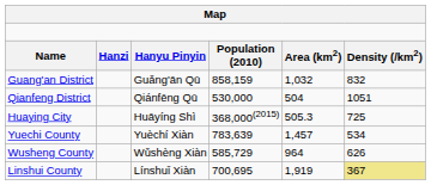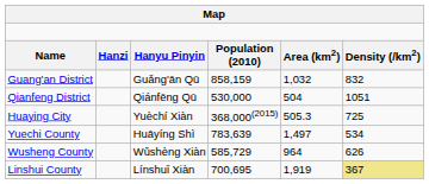 <table class="wikitable"  style="font-size:90%;" align=center>
 <tr>
 <th colspan="6" align="center">Map</th>
 </tr>
 <tr>
 <td colspan="6" align="center"><div><br>         </div></td>
 </tr>
 <tr>
 <th>Name</th>
 <th><a href='#'>Hanzi</a></th>
 <th><a href='#'>Hanyu Pinyin</a></th>
 <th>Population<br>(2010)</th>
 <th>Area (km<sup>2</sup>)</th>
 <th>Density (/km<sup>2</sup>)</th>
 </tr>
 <tr --------->
 <td><a href='#'>Guang'an District</a></td>
 <td></td>
 <td>Guǎng'ān Qū</td>
 <td>858,159</td>
 <td>1,032</td>
 <td>832</td>
 </tr>
 <tr --------->
 <td><a href='#'>Qianfeng District</a></td>
 <td></td>
 <td>Qiánfēng Qū</td>
 <td>530,000</td>
 <td>504</td>
 <td>1051</td>
 </tr>
 <tr --------->
 <td><a href='#'>Huaying City</a></td>
 <td></td>
-<td>Huāyíng Shì</td>
+<td>Yuèchí Xiàn</td>
 <td>368,000<sup>(2015)</sup></td>
 <td>505.3</td>
 <td>725</td>
 </tr>
 <tr --------->
 <td><a href='#'>Yuechi County</a></td>
 <td></td>
-<td>Yuèchí Xiàn</td>
+<td>Huāyíng Shì</td>
 <td>783,639</td>
-<td>1,457</td>
+<td>1,497</td>
 <td>534</td>
 </tr>
 <tr --------->
 <td><a href='#'>Wusheng County</a></td>
 <td></td>
 <td>Wǔshèng Xiàn</td>
 <td>585,729</td>
 <td>964</td>
 <td>626</td>
 </tr>
 <tr --------->
 <td><a href='#'>Linshui County</a></td>
 <td></td>
 <td>Línshuǐ Xiàn</td>
 <td>700,695</td>
 <td>1,919</td>
 <td style="background: khaki;">367</td>
 </tr>
 </table>
